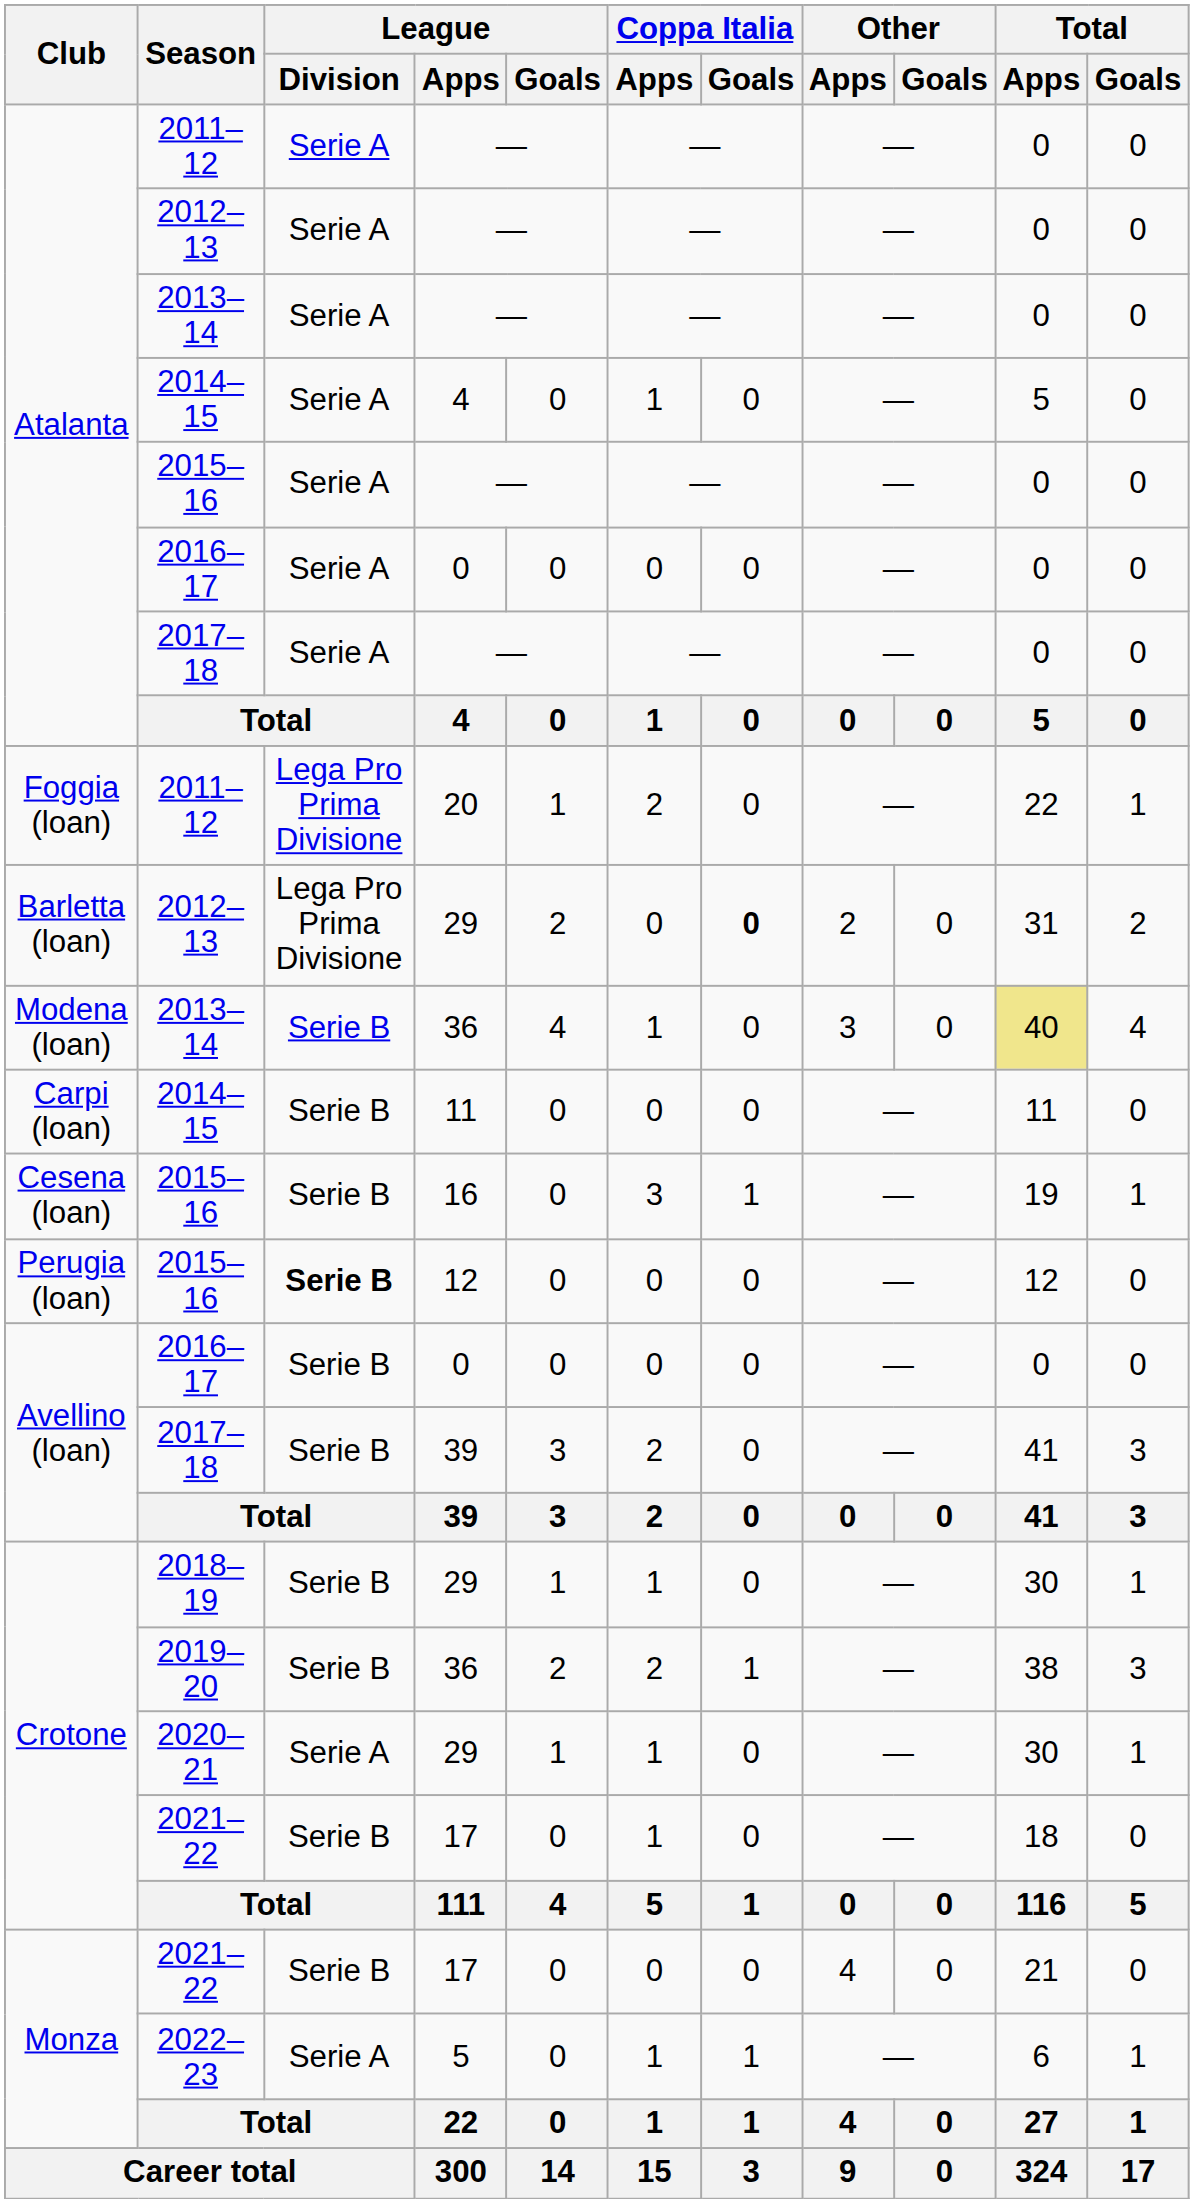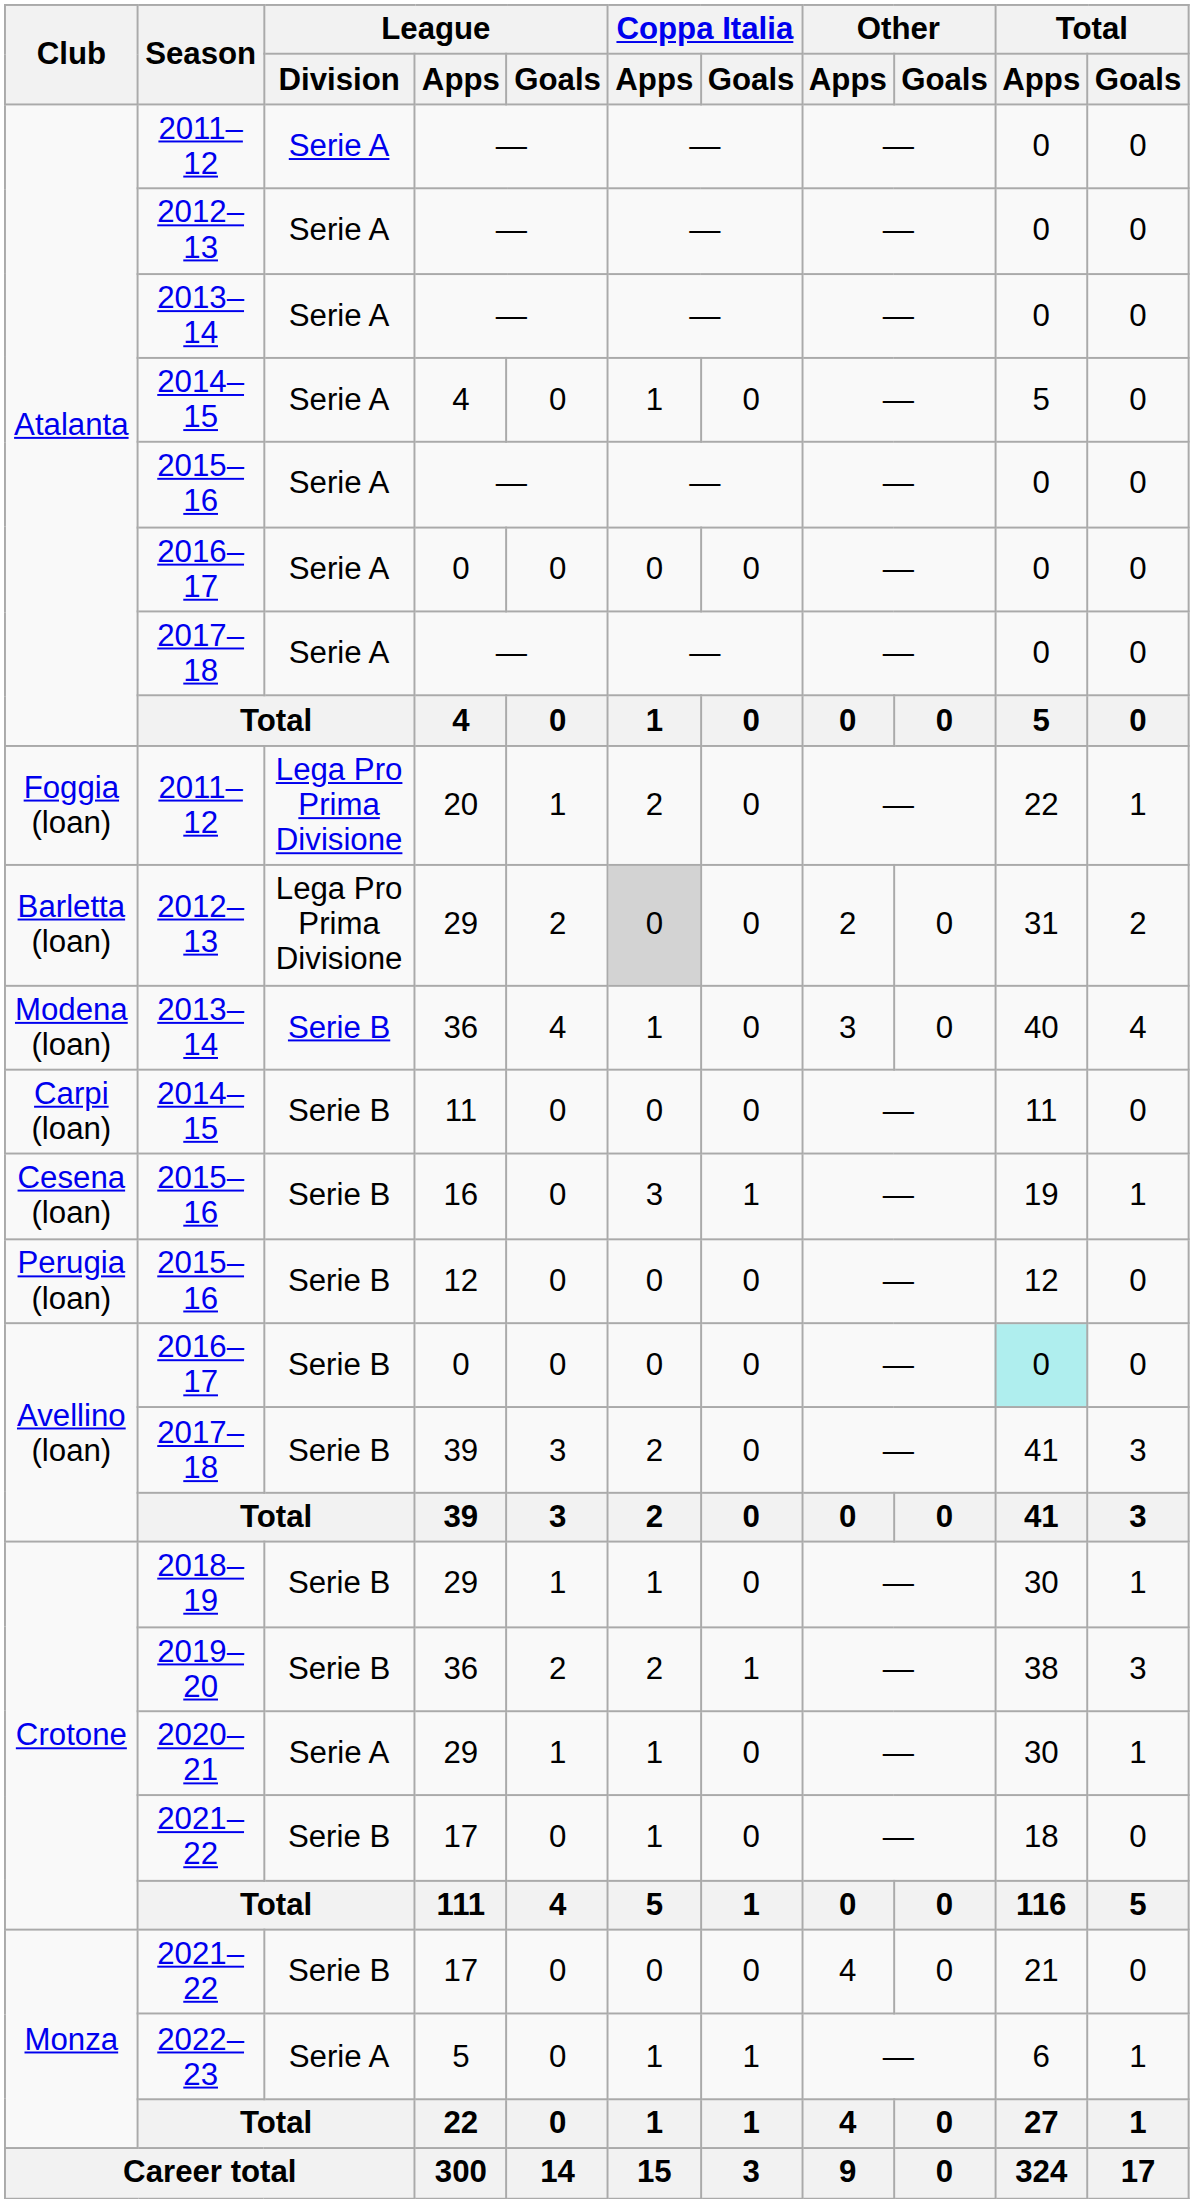 <table class="wikitable" style="text-align: center">
 <tr>
 <th rowspan="2">Club</th>
 <th rowspan="2">Season</th>
 <th colspan="3">League</th>
 <th colspan="2"><a href='#'>Coppa Italia</a></th>
 <th colspan="2">Other</th>
 <th colspan="2">Total</th>
 </tr>
 <tr>
 <th>Division</th>
 <th>Apps</th>
 <th>Goals</th>
 <th>Apps</th>
 <th>Goals</th>
 <th>Apps</th>
 <th>Goals</th>
 <th>Apps</th>
 <th>Goals</th>
 </tr>
 <tr>
 <td rowspan="8"><a href='#'>Atalanta</a></td>
 <td><a href='#'>2011–12</a></td>
 <td><a href='#'>Serie A</a></td>
 <td colspan="2">—</td>
 <td colspan="2">—</td>
 <td colspan="2">—</td>
 <td>0</td>
 <td>0</td>
 </tr>
 <tr>
 <td><a href='#'>2012–13</a></td>
 <td>Serie A</td>
 <td colspan="2">—</td>
 <td colspan="2">—</td>
 <td colspan="2">—</td>
 <td>0</td>
 <td>0</td>
 </tr>
 <tr>
 <td><a href='#'>2013–14</a></td>
 <td>Serie A</td>
 <td colspan="2">—</td>
 <td colspan="2">—</td>
 <td colspan="2">—</td>
 <td>0</td>
 <td>0</td>
 </tr>
 <tr>
 <td><a href='#'>2014–15</a></td>
 <td>Serie A</td>
 <td>4</td>
 <td>0</td>
 <td>1</td>
 <td>0</td>
 <td colspan="2">—</td>
 <td>5</td>
 <td>0</td>
 </tr>
 <tr>
 <td><a href='#'>2015–16</a></td>
 <td>Serie A</td>
 <td colspan="2">—</td>
 <td colspan="2">—</td>
 <td colspan="2">—</td>
 <td>0</td>
 <td>0</td>
 </tr>
 <tr>
 <td><a href='#'>2016–17</a></td>
 <td>Serie A</td>
 <td>0</td>
 <td>0</td>
 <td>0</td>
 <td>0</td>
 <td colspan="2">—</td>
 <td>0</td>
 <td>0</td>
 </tr>
 <tr>
 <td><a href='#'>2017–18</a></td>
 <td>Serie A</td>
 <td colspan="2">—</td>
 <td colspan="2">—</td>
 <td colspan="2">—</td>
 <td>0</td>
 <td>0</td>
 </tr>
 <tr>
 <th colspan="2">Total</th>
 <th>4</th>
 <th>0</th>
 <th>1</th>
 <th>0</th>
 <th>0</th>
 <th>0</th>
 <th>5</th>
 <th>0</th>
 </tr>
 <tr>
 <td><a href='#'>Foggia</a> (loan)</td>
 <td><a href='#'>2011–12</a></td>
 <td><a href='#'>Lega Pro Prima Divisione</a></td>
 <td>20</td>
 <td>1</td>
 <td>2</td>
 <td>0</td>
 <td colspan="2">—</td>
 <td>22</td>
 <td>1</td>
 </tr>
 <tr>
 <td><a href='#'>Barletta</a> (loan)</td>
 <td><a href='#'>2012–13</a></td>
 <td>Lega Pro Prima Divisione</td>
 <td>29</td>
 <td>2</td>
+<td style="background: lightgrey;">0</td>
 <td>0</td>
-<td><strong>0</strong></td>
 <td>2</td>
 <td>0</td>
 <td>31</td>
 <td>2</td>
 </tr>
 <tr>
 <td><a href='#'>Modena</a> (loan)</td>
 <td><a href='#'>2013–14</a></td>
 <td><a href='#'>Serie B</a></td>
 <td>36</td>
 <td>4</td>
 <td>1</td>
 <td>0</td>
 <td>3</td>
 <td>0</td>
-<td style="background: khaki;">40</td>
+<td>40</td>
 <td>4</td>
 </tr>
 <tr>
 <td><a href='#'>Carpi</a> (loan)</td>
 <td><a href='#'>2014–15</a></td>
 <td>Serie B</td>
 <td>11</td>
 <td>0</td>
 <td>0</td>
 <td>0</td>
 <td colspan="2">—</td>
 <td>11</td>
 <td>0</td>
 </tr>
 <tr>
 <td><a href='#'>Cesena</a> (loan)</td>
 <td><a href='#'>2015–16</a></td>
 <td>Serie B</td>
 <td>16</td>
 <td>0</td>
 <td>3</td>
 <td>1</td>
 <td colspan="2">—</td>
 <td>19</td>
 <td>1</td>
 </tr>
 <tr>
 <td><a href='#'>Perugia</a> (loan)</td>
 <td><a href='#'>2015–16</a></td>
-<td><strong>Serie B</strong></td>
+<td>Serie B</td>
 <td>12</td>
 <td>0</td>
 <td>0</td>
 <td>0</td>
 <td colspan="2">—</td>
 <td>12</td>
 <td>0</td>
 </tr>
 <tr>
 <td rowspan="3"><a href='#'>Avellino</a> (loan)</td>
 <td><a href='#'>2016–17</a></td>
 <td>Serie B</td>
 <td>0</td>
 <td>0</td>
 <td>0</td>
 <td>0</td>
 <td colspan="2">—</td>
-<td>0</td>
+<td style="background: paleturquoise;">0</td>
 <td>0</td>
 </tr>
 <tr>
 <td><a href='#'>2017–18</a></td>
 <td>Serie B</td>
 <td>39</td>
 <td>3</td>
 <td>2</td>
 <td>0</td>
 <td colspan="2">—</td>
 <td>41</td>
 <td>3</td>
 </tr>
 <tr>
 <th colspan="2">Total</th>
 <th>39</th>
 <th>3</th>
 <th>2</th>
 <th>0</th>
 <th>0</th>
 <th>0</th>
 <th>41</th>
 <th>3</th>
 </tr>
 <tr>
 <td rowspan="5"><a href='#'>Crotone</a></td>
 <td><a href='#'>2018–19</a></td>
 <td>Serie B</td>
 <td>29</td>
 <td>1</td>
 <td>1</td>
 <td>0</td>
 <td colspan="2">—</td>
 <td>30</td>
 <td>1</td>
 </tr>
 <tr>
 <td><a href='#'>2019–20</a></td>
 <td>Serie B</td>
 <td>36</td>
 <td>2</td>
 <td>2</td>
 <td>1</td>
 <td colspan="2">—</td>
 <td>38</td>
 <td>3</td>
 </tr>
 <tr>
 <td><a href='#'>2020–21</a></td>
 <td>Serie A</td>
 <td>29</td>
 <td>1</td>
 <td>1</td>
 <td>0</td>
 <td colspan="2">—</td>
 <td>30</td>
 <td>1</td>
 </tr>
 <tr>
 <td><a href='#'>2021–22</a></td>
 <td>Serie B</td>
 <td>17</td>
 <td>0</td>
 <td>1</td>
 <td>0</td>
 <td colspan="2">—</td>
 <td>18</td>
 <td>0</td>
 </tr>
 <tr>
 <th colspan="2">Total</th>
 <th>111</th>
 <th>4</th>
 <th>5</th>
 <th>1</th>
 <th>0</th>
 <th>0</th>
 <th>116</th>
 <th>5</th>
 </tr>
 <tr>
 <td rowspan="3"><a href='#'>Monza</a></td>
 <td><a href='#'>2021–22</a></td>
 <td>Serie B</td>
 <td>17</td>
 <td>0</td>
 <td>0</td>
 <td>0</td>
 <td>4</td>
 <td>0</td>
 <td>21</td>
 <td>0</td>
 </tr>
 <tr>
 <td><a href='#'>2022–23</a></td>
 <td>Serie A</td>
 <td>5</td>
 <td>0</td>
 <td>1</td>
 <td>1</td>
 <td colspan="2">—</td>
 <td>6</td>
 <td>1</td>
 </tr>
 <tr>
 <th colspan="2">Total</th>
 <th>22</th>
 <th>0</th>
 <th>1</th>
 <th>1</th>
 <th>4</th>
 <th>0</th>
 <th>27</th>
 <th>1</th>
 </tr>
 <tr>
 <th colspan="3">Career total</th>
 <th>300</th>
 <th>14</th>
 <th>15</th>
 <th>3</th>
 <th>9</th>
 <th>0</th>
 <th>324</th>
 <th>17</th>
 </tr>
 </table>
